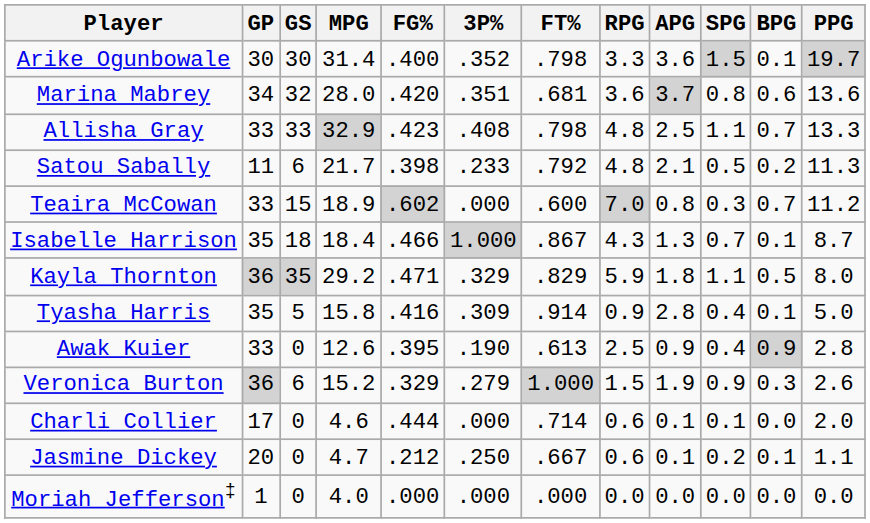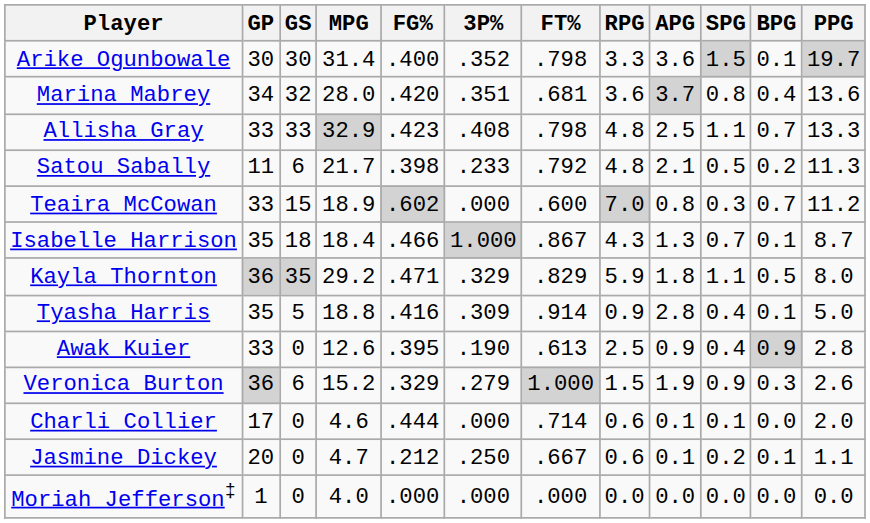 <table class="wikitable sortable" style="text-align:center">
 <tr>
 <th>Player</th>
 <th>GP</th>
 <th>GS</th>
 <th>MPG</th>
 <th>FG%</th>
 <th>3P%</th>
 <th>FT%</th>
 <th>RPG</th>
 <th>APG</th>
 <th>SPG</th>
 <th>BPG</th>
 <th>PPG</th>
 </tr>
 <tr>
 <td><a href='#'>Arike Ogunbowale</a></td>
 <td>30</td>
 <td>30</td>
 <td>31.4</td>
 <td>.400</td>
 <td>.352</td>
 <td>.798</td>
 <td>3.3</td>
 <td>3.6</td>
 <td style="background:#D3D3D3;">1.5</td>
 <td>0.1</td>
 <td style="background:#D3D3D3;">19.7</td>
 </tr>
 <tr>
 <td><a href='#'>Marina Mabrey</a></td>
 <td>34</td>
 <td>32</td>
 <td>28.0</td>
 <td>.420</td>
 <td>.351</td>
 <td>.681</td>
 <td>3.6</td>
 <td style="background:#D3D3D3;">3.7</td>
 <td>0.8</td>
-<td>0.6</td>
+<td>0.4</td>
 <td>13.6</td>
 </tr>
 <tr>
 <td><a href='#'>Allisha Gray</a></td>
 <td>33</td>
 <td>33</td>
 <td style="background:#D3D3D3;">32.9</td>
 <td>.423</td>
 <td>.408</td>
 <td>.798</td>
 <td>4.8</td>
 <td>2.5</td>
 <td>1.1</td>
 <td>0.7</td>
 <td>13.3</td>
 </tr>
 <tr>
 <td><a href='#'>Satou Sabally</a></td>
 <td>11</td>
 <td>6</td>
 <td>21.7</td>
 <td>.398</td>
 <td>.233</td>
 <td>.792</td>
 <td>4.8</td>
 <td>2.1</td>
 <td>0.5</td>
 <td>0.2</td>
 <td>11.3</td>
 </tr>
 <tr>
 <td><a href='#'>Teaira McCowan</a></td>
 <td>33</td>
 <td>15</td>
 <td>18.9</td>
 <td style="background:#D3D3D3;">.602</td>
 <td>.000</td>
 <td>.600</td>
 <td style="background:#D3D3D3;">7.0</td>
 <td>0.8</td>
 <td>0.3</td>
 <td>0.7</td>
 <td>11.2</td>
 </tr>
 <tr>
 <td><a href='#'>Isabelle Harrison</a></td>
 <td>35</td>
 <td>18</td>
 <td>18.4</td>
 <td>.466</td>
 <td style="background:#D3D3D3;">1.000</td>
 <td>.867</td>
 <td>4.3</td>
 <td>1.3</td>
 <td>0.7</td>
 <td>0.1</td>
 <td>8.7</td>
 </tr>
 <tr>
 <td><a href='#'>Kayla Thornton</a></td>
 <td style="background:#D3D3D3;">36</td>
 <td style="background:#D3D3D3;">35</td>
 <td>29.2</td>
 <td>.471</td>
 <td>.329</td>
 <td>.829</td>
 <td>5.9</td>
 <td>1.8</td>
 <td>1.1</td>
 <td>0.5</td>
 <td>8.0</td>
 </tr>
 <tr>
 <td><a href='#'>Tyasha Harris</a></td>
 <td>35</td>
 <td>5</td>
-<td>15.8</td>
+<td>18.8</td>
 <td>.416</td>
 <td>.309</td>
 <td>.914</td>
 <td>0.9</td>
 <td>2.8</td>
 <td>0.4</td>
 <td>0.1</td>
 <td>5.0</td>
 </tr>
 <tr>
 <td><a href='#'>Awak Kuier</a></td>
 <td>33</td>
 <td>0</td>
 <td>12.6</td>
 <td>.395</td>
 <td>.190</td>
 <td>.613</td>
 <td>2.5</td>
 <td>0.9</td>
 <td>0.4</td>
 <td style="background:#D3D3D3;">0.9</td>
 <td>2.8</td>
 </tr>
 <tr>
 <td><a href='#'>Veronica Burton</a></td>
 <td style="background:#D3D3D3;">36</td>
 <td>6</td>
 <td>15.2</td>
 <td>.329</td>
 <td>.279</td>
 <td style="background:#D3D3D3;">1.000</td>
 <td>1.5</td>
 <td>1.9</td>
 <td>0.9</td>
 <td>0.3</td>
 <td>2.6</td>
 </tr>
 <tr>
 <td><a href='#'>Charli Collier</a></td>
 <td>17</td>
 <td>0</td>
 <td>4.6</td>
 <td>.444</td>
 <td>.000</td>
 <td>.714</td>
 <td>0.6</td>
 <td>0.1</td>
 <td>0.1</td>
 <td>0.0</td>
 <td>2.0</td>
 </tr>
 <tr>
 <td><a href='#'>Jasmine Dickey</a></td>
 <td>20</td>
 <td>0</td>
 <td>4.7</td>
 <td>.212</td>
 <td>.250</td>
 <td>.667</td>
 <td>0.6</td>
 <td>0.1</td>
 <td>0.2</td>
 <td>0.1</td>
 <td>1.1</td>
 </tr>
 <tr>
 <td><a href='#'>Moriah Jefferson</a><sup>‡</sup></td>
 <td>1</td>
 <td>0</td>
 <td>4.0</td>
 <td>.000</td>
 <td>.000</td>
 <td>.000</td>
 <td>0.0</td>
 <td>0.0</td>
 <td>0.0</td>
 <td>0.0</td>
 <td>0.0</td>
 </tr>
 </table>
